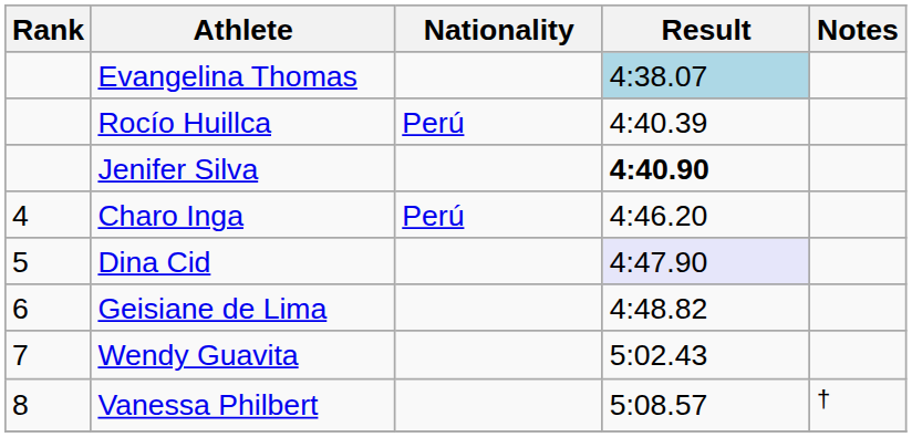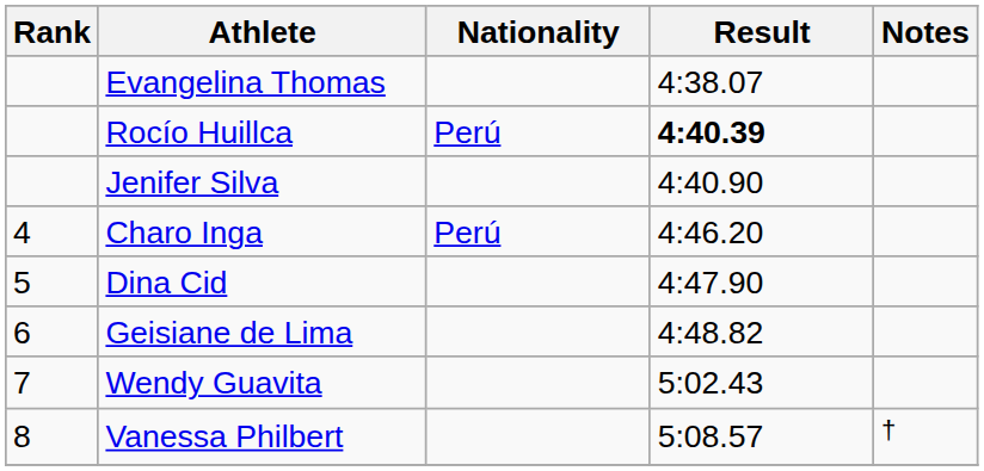 <table class="wikitable" style="font-size:95%" style="width:35em;" style="text-align:center">
 <tr>
 <th>Rank</th>
 <th width=150>Athlete</th>
 <th width=100>Nationality</th>
 <th width=100>Result</th>
 <th>Notes</th>
 </tr>
 <tr>
 <td></td>
 <td align=left><a href='#'>Evangelina Thomas</a></td>
 <td align=left></td>
-<td style="background: lightblue;">4:38.07</td>
+<td>4:38.07</td>
 <td></td>
 </tr>
 <tr>
 <td></td>
 <td align=left><a href='#'>Rocío Huillca</a></td>
 <td align=left> <a href='#'>Perú</a></td>
-<td>4:40.39</td>
+<td><strong>4:40.39</strong></td>
 <td></td>
 </tr>
 <tr>
 <td></td>
 <td align=left><a href='#'>Jenifer Silva</a></td>
 <td align=left></td>
-<td><strong>4:40.90</strong></td>
+<td>4:40.90</td>
 <td></td>
 </tr>
 <tr>
 <td>4</td>
 <td align=left><a href='#'>Charo Inga</a></td>
 <td align=left> <a href='#'>Perú</a></td>
 <td>4:46.20</td>
 <td></td>
 </tr>
 <tr>
 <td>5</td>
 <td align=left><a href='#'>Dina Cid</a></td>
 <td align=left></td>
-<td style="background: lavender;">4:47.90</td>
+<td>4:47.90</td>
 <td></td>
 </tr>
 <tr>
 <td>6</td>
 <td align=left><a href='#'>Geisiane de Lima</a></td>
 <td align=left></td>
 <td>4:48.82</td>
 <td></td>
 </tr>
 <tr>
 <td>7</td>
 <td align=left><a href='#'>Wendy Guavita</a></td>
 <td align=left></td>
 <td>5:02.43</td>
 <td></td>
 </tr>
 <tr>
 <td>8</td>
 <td align=left><a href='#'>Vanessa Philbert</a></td>
 <td align=left></td>
 <td>5:08.57</td>
 <td><sup>†</sup></td>
 </tr>
 <tr>
 </tr>
 </table>
